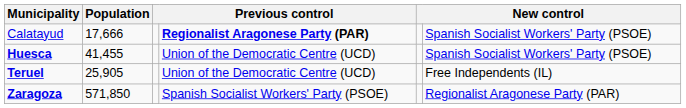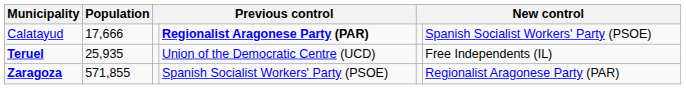 <table class="wikitable sortable">
 <tr>
 <th>Municipality</th>
 <th>Population</th>
 <th colspan="2" style="width:375px;">Previous control</th>
 <th colspan="2" style="width:375px;">New control</th>
 </tr>
 <tr>
 <td><a href='#'>Calatayud</a></td>
 <td>17,666</td>
 <td width="1" style="color:inherit;background:"></td>
 <td><strong><a href='#'>Regionalist Aragonese Party</a> (PAR)</strong></td>
 <td width="1" style="color:inherit;background:"></td>
 <td><a href='#'>Spanish Socialist Workers' Party</a> (PSOE)</td>
 </tr>
 <tr>
-<td><strong><a href='#'>Huesca</a></strong></td>
-<td>41,455</td>
-<td style="color:inherit;background:"></td>
-<td><a href='#'>Union of the Democratic Centre</a> (UCD)</td>
-<td style="color:inherit;background:"></td>
-<td><a href='#'>Spanish Socialist Workers' Party</a> (PSOE)</td>
-</tr>
-<tr>
 <td><strong><a href='#'>Teruel</a></strong></td>
-<td>25,905</td>
+<td>25,935</td>
 <td style="color:inherit;background:"></td>
 <td><a href='#'>Union of the Democratic Centre</a> (UCD)</td>
 <td style="color:inherit;background:"></td>
 <td>Free Independents (IL) </td>
 </tr>
 <tr>
 <td><strong><a href='#'>Zaragoza</a></strong></td>
-<td>571,850</td>
+<td>571,855</td>
 <td style="color:inherit;background:"></td>
 <td><a href='#'>Spanish Socialist Workers' Party</a> (PSOE)</td>
 <td style="color:inherit;background:"></td>
 <td><a href='#'>Regionalist Aragonese Party</a> (PAR)</td>
 </tr>
 </table>
